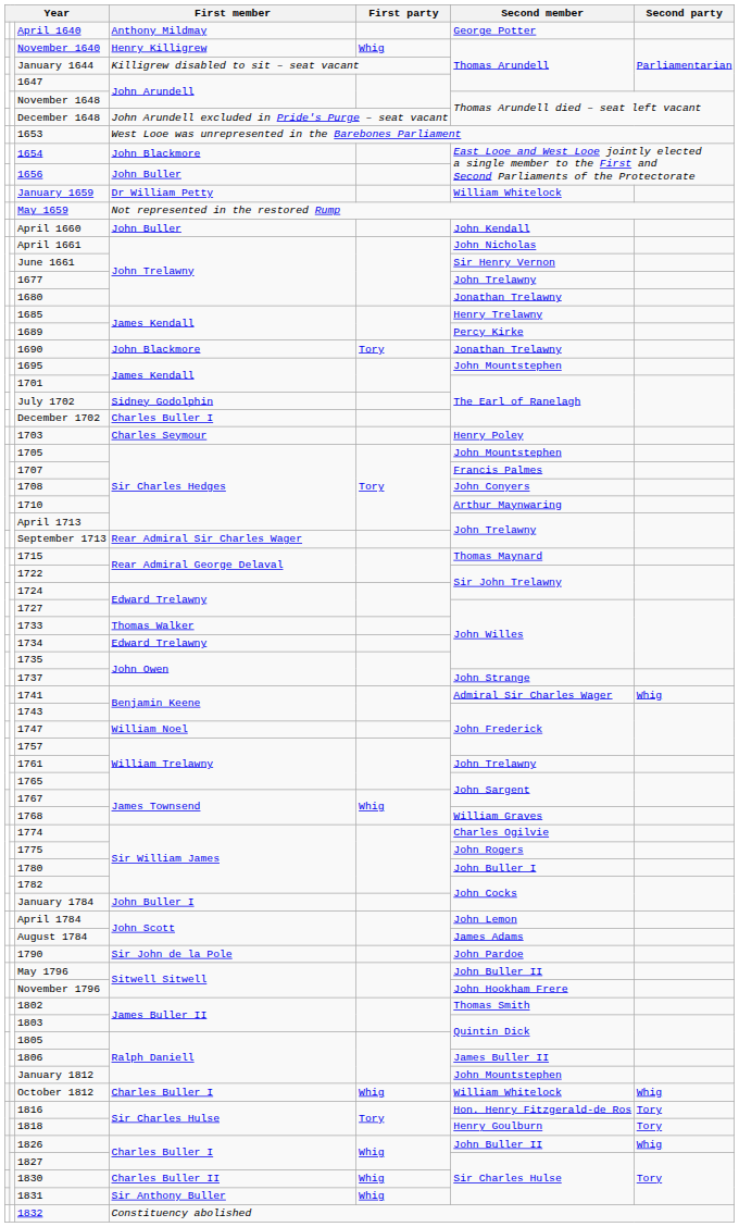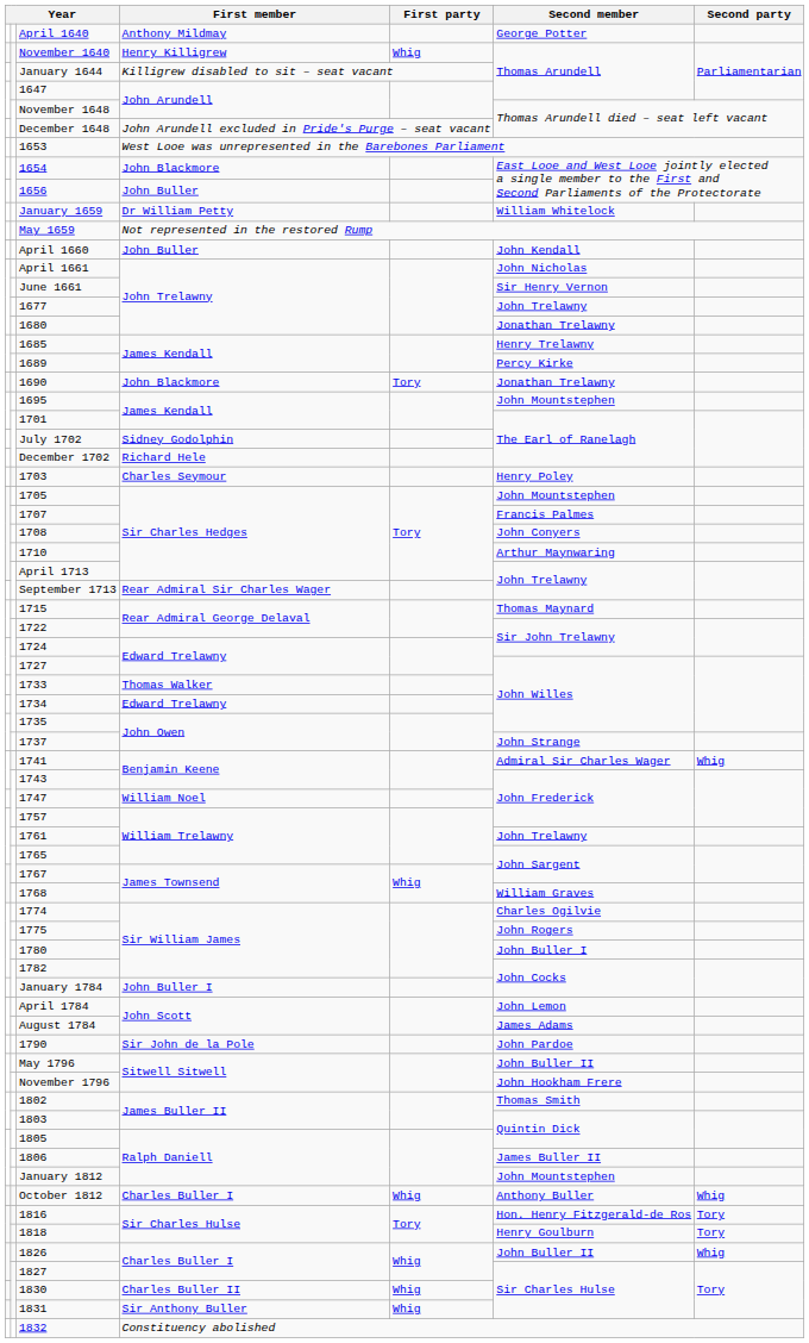 <table class="wikitable">
 <tr>
 <th colspan="3">Year</th>
 <th>First member</th>
 <th>First party</th>
 <th>Second member</th>
 <th>Second party</th>
 </tr>
 <tr>
 <td style="color:inherit;background-color: white"></td>
 <td style="color:inherit;background-color: white"></td>
 <td><a href='#'>April 1640</a></td>
 <td><a href='#'>Anthony Mildmay</a></td>
 <td></td>
 <td><a href='#'>George Potter</a></td>
 <td></td>
 </tr>
 <tr>
 <td style="color:inherit;background-color: "></td>
 <td rowspan="3" style="color:inherit;background-color: "></td>
 <td><a href='#'>November 1640</a></td>
 <td><a href='#'>Henry Killigrew</a></td>
 <td><a href='#'>Whig</a></td>
 <td rowspan="3"><a href='#'>Thomas Arundell</a></td>
 <td rowspan="3"><a href='#'>Parliamentarian</a></td>
 </tr>
 <tr>
 <td style="color:inherit;background-color: white"></td>
 <td>January 1644</td>
 <td colspan="2"><em>Killigrew disabled to sit – seat vacant</em></td>
 </tr>
 <tr>
 <td rowspan="2" style="color:inherit;background-color: white"></td>
 <td>1647</td>
 <td rowspan="2"><a href='#'>John Arundell</a></td>
 <td rowspan="2"></td>
 </tr>
 <tr>
 <td rowspan="2" style="color:inherit;background-color: white"></td>
 <td>November 1648</td>
 <td rowspan="2" colspan="2"><em>Thomas Arundell died – seat left vacant</em></td>
 </tr>
 <tr>
 <td style="color:inherit;background-color: white"></td>
 <td>December 1648</td>
 <td colspan="2"><em>John Arundell excluded in <a href='#'>Pride's Purge</a> – seat vacant</em></td>
 </tr>
 <tr>
 <td style="color:inherit;background-color: white"></td>
 <td style="color:inherit;background-color: white"></td>
 <td>1653</td>
 <td colspan="4"><em>West Looe was unrepresented in the <a href='#'>Barebones Parliament</a></em></td>
 </tr>
 <tr>
 <td style="color:inherit;background-color: white"></td>
 <td rowspan="2" style="color:inherit;background-color: white"></td>
 <td><a href='#'>1654</a></td>
 <td><a href='#'>John Blackmore</a></td>
 <td></td>
 <td rowspan="2" colspan="2"><em><a href='#'>East Looe and West Looe</a> jointly elected <br>a single member to the <a href='#'>First</a>  and <br><a href='#'>Second</a> Parliaments of the Protectorate</em></td>
 </tr>
 <tr>
 <td style="color:inherit;background-color: white"></td>
 <td><a href='#'>1656</a></td>
 <td><a href='#'>John Buller</a></td>
 <td></td>
 </tr>
 <tr>
 <td style="color:inherit;background-color: white"></td>
 <td style="color:inherit;background-color: white"></td>
 <td><a href='#'>January 1659</a></td>
 <td><a href='#'>Dr William Petty</a></td>
 <td></td>
 <td><a href='#'>William Whitelock</a></td>
 <td></td>
 </tr>
 <tr>
 <td style="color:inherit;background-color: white"></td>
 <td style="color:inherit;background-color: white"></td>
 <td><a href='#'>May 1659</a></td>
 <td colspan="4"><em>Not represented in the restored <a href='#'>Rump</a></em></td>
 </tr>
 <tr>
 <td style="color:inherit;background-color: white"></td>
 <td style="color:inherit;background-color: white"></td>
 <td>April 1660</td>
 <td><a href='#'>John Buller</a></td>
 <td></td>
 <td><a href='#'>John Kendall</a></td>
 <td></td>
 </tr>
 <tr>
 <td rowspan="4" style="color:inherit;background-color: white"></td>
 <td style="color:inherit;background-color: white"></td>
 <td>April 1661</td>
 <td rowspan="4"><a href='#'>John Trelawny</a></td>
 <td rowspan="4"></td>
 <td><a href='#'>John Nicholas</a></td>
 <td></td>
 </tr>
 <tr>
 <td style="color:inherit;background-color: white"></td>
 <td>June 1661</td>
 <td><a href='#'>Sir Henry Vernon</a></td>
 <td></td>
 </tr>
 <tr>
 <td style="color:inherit;background-color: white"></td>
 <td>1677</td>
 <td><a href='#'>John Trelawny</a></td>
 <td></td>
 </tr>
 <tr>
 <td style="color:inherit;background-color: white"></td>
 <td>1680</td>
 <td><a href='#'>Jonathan Trelawny</a></td>
 <td></td>
 </tr>
 <tr>
 <td rowspan="2" style="color:inherit;background-color: white"></td>
 <td style="color:inherit;background-color: white"></td>
 <td>1685</td>
 <td rowspan="2"><a href='#'>James Kendall</a></td>
 <td rowspan="2"></td>
 <td><a href='#'>Henry Trelawny</a></td>
 <td></td>
 </tr>
 <tr>
 <td style="color:inherit;background-color: white"></td>
 <td>1689</td>
 <td><a href='#'>Percy Kirke</a></td>
 <td></td>
 </tr>
 <tr>
 <td style="color:inherit;background-color: "></td>
 <td style="color:inherit;background-color: white"></td>
 <td>1690</td>
 <td><a href='#'>John Blackmore</a></td>
 <td><a href='#'>Tory</a></td>
 <td><a href='#'>Jonathan Trelawny</a></td>
 <td></td>
 </tr>
 <tr>
 <td rowspan="2" style="color:inherit;background-color: white"></td>
 <td style="color:inherit;background-color: white"></td>
 <td>1695</td>
 <td rowspan="2"><a href='#'>James Kendall</a></td>
 <td rowspan="2"></td>
 <td><a href='#'>John Mountstephen</a></td>
 <td></td>
 </tr>
 <tr>
 <td rowspan="3" style="color:inherit;background-color: white"></td>
 <td>1701</td>
 <td rowspan="3"><a href='#'>The Earl of Ranelagh</a></td>
 <td rowspan="3"></td>
 </tr>
 <tr>
 <td style="color:inherit;background-color: white"></td>
 <td>July 1702</td>
 <td><a href='#'>Sidney Godolphin</a></td>
 <td></td>
 </tr>
 <tr>
 <td style="color:inherit;background-color: white"></td>
 <td>December 1702</td>
-<td><a href='#'>Charles Buller I</a></td>
+<td><a href='#'>Richard Hele</a></td>
 <td></td>
 </tr>
 <tr>
 <td style="color:inherit;background-color: white"></td>
 <td style="color:inherit;background-color: "></td>
 <td>1703</td>
 <td><a href='#'>Charles Seymour</a></td>
 <td></td>
 <td><a href='#'>Henry Poley</a></td>
 <td></td>
 </tr>
 <tr>
 <td rowspan="5" style="color:inherit;background-color: "></td>
 <td style="color:inherit;background-color: white"></td>
 <td>1705</td>
 <td rowspan="5"><a href='#'>Sir Charles Hedges</a></td>
 <td rowspan="5"><a href='#'>Tory</a></td>
 <td><a href='#'>John Mountstephen</a></td>
 <td></td>
 </tr>
 <tr>
 <td style="color:inherit;background-color: white"></td>
 <td>1707</td>
 <td><a href='#'>Francis Palmes</a></td>
 <td></td>
 </tr>
 <tr>
 <td style="color:inherit;background-color: white"></td>
 <td>1708</td>
 <td><a href='#'>John Conyers</a></td>
 <td></td>
 </tr>
 <tr>
 <td style="color:inherit;background-color: white"></td>
 <td>1710</td>
 <td><a href='#'>Arthur Maynwaring</a></td>
 <td></td>
 </tr>
 <tr>
 <td rowspan="2" style="color:inherit;background-color: white"></td>
 <td>April 1713</td>
 <td rowspan="2"><a href='#'>John Trelawny</a></td>
 <td rowspan="2"></td>
 </tr>
 <tr>
 <td style="color:inherit;background-color: white"></td>
 <td>September 1713</td>
 <td><a href='#'>Rear Admiral Sir Charles Wager</a></td>
 <td></td>
 </tr>
 <tr>
 <td rowspan="2" style="color:inherit;background-color: white"></td>
 <td style="color:inherit;background-color: white"></td>
 <td>1715</td>
 <td rowspan="2"><a href='#'>Rear Admiral George Delaval</a></td>
 <td rowspan="2"></td>
 <td><a href='#'>Thomas Maynard</a></td>
 <td></td>
 </tr>
 <tr>
 <td rowspan="2" style="color:inherit;background-color: white"></td>
 <td>1722</td>
 <td rowspan="2"><a href='#'>Sir John Trelawny</a></td>
 <td rowspan="2"></td>
 </tr>
 <tr>
 <td rowspan="2" style="color:inherit;background-color: white"></td>
 <td>1724</td>
 <td rowspan="2"><a href='#'>Edward Trelawny</a></td>
 <td rowspan="2"></td>
 </tr>
 <tr>
 <td rowspan="4" style="color:inherit;background-color: white"></td>
 <td>1727</td>
 <td rowspan="4"><a href='#'>John Willes</a></td>
 <td rowspan="4"></td>
 </tr>
 <tr>
 <td style="color:inherit;background-color: white"></td>
 <td>1733</td>
 <td><a href='#'>Thomas Walker</a></td>
 <td></td>
 </tr>
 <tr>
 <td style="color:inherit;background-color: white"></td>
 <td>1734</td>
 <td><a href='#'>Edward Trelawny</a></td>
 <td></td>
 </tr>
 <tr>
 <td rowspan="2" style="color:inherit;background-color: white"></td>
 <td>1735</td>
 <td rowspan="2"><a href='#'>John Owen</a></td>
 <td rowspan="2"></td>
 </tr>
 <tr>
 <td style="color:inherit;background-color: white"></td>
 <td>1737</td>
 <td><a href='#'>John Strange</a></td>
 <td></td>
 </tr>
 <tr>
 <td rowspan="2" style="color:inherit;background-color: white"></td>
 <td style="color:inherit;background-color: "></td>
 <td>1741</td>
 <td rowspan="2"><a href='#'>Benjamin Keene</a></td>
 <td rowspan="2"></td>
 <td><a href='#'>Admiral Sir Charles Wager</a></td>
 <td><a href='#'>Whig</a></td>
 </tr>
 <tr>
 <td rowspan="3" style="color:inherit;background-color: white"></td>
 <td>1743</td>
 <td rowspan="3"><a href='#'>John Frederick</a></td>
 <td rowspan="3"></td>
 </tr>
 <tr>
 <td style="color:inherit;background-color: white"></td>
 <td>1747</td>
 <td><a href='#'>William Noel</a></td>
 <td></td>
 </tr>
 <tr>
 <td rowspan="3" style="color:inherit;background-color: white"></td>
 <td>1757</td>
 <td rowspan="3"><a href='#'>William Trelawny</a></td>
 <td rowspan="3"></td>
 </tr>
 <tr>
 <td style="color:inherit;background-color: white"></td>
 <td>1761</td>
 <td><a href='#'>John Trelawny</a></td>
 <td></td>
 </tr>
 <tr>
 <td rowspan="2" style="color:inherit;background-color: white"></td>
 <td>1765</td>
 <td rowspan="2"><a href='#'>John Sargent</a></td>
 <td rowspan="2"></td>
 </tr>
 <tr>
 <td rowspan="2" style="color:inherit;background-color: "></td>
 <td>1767</td>
 <td rowspan="2"><a href='#'>James Townsend</a></td>
 <td rowspan="2"><a href='#'>Whig</a></td>
 </tr>
 <tr>
 <td style="color:inherit;background-color: white"></td>
 <td>1768</td>
 <td><a href='#'>William Graves</a></td>
 <td></td>
 </tr>
 <tr>
 <td rowspan="4" style="color:inherit;background-color: white"></td>
 <td style="color:inherit;background-color: white"></td>
 <td>1774</td>
 <td rowspan="4"><a href='#'>Sir William James</a></td>
 <td rowspan="4"></td>
 <td><a href='#'>Charles Ogilvie</a></td>
 <td></td>
 </tr>
 <tr>
 <td style="color:inherit;background-color: white"></td>
 <td>1775</td>
 <td><a href='#'>John Rogers</a></td>
 <td></td>
 </tr>
 <tr>
 <td style="color:inherit;background-color: white"></td>
 <td>1780</td>
 <td><a href='#'>John Buller I</a></td>
 <td></td>
 </tr>
 <tr>
 <td rowspan="2" style="color:inherit;background-color: white"></td>
 <td>1782</td>
 <td rowspan="2"><a href='#'>John Cocks</a></td>
 <td rowspan="2"></td>
 </tr>
 <tr>
 <td style="color:inherit;background-color: white"></td>
 <td>January 1784</td>
 <td><a href='#'>John Buller I</a></td>
 <td></td>
 </tr>
 <tr>
 <td rowspan="2" style="color:inherit;background-color: white"></td>
 <td style="color:inherit;background-color: white"></td>
 <td>April 1784</td>
 <td rowspan="2"><a href='#'>John Scott</a></td>
 <td rowspan="2"></td>
 <td><a href='#'>John Lemon</a></td>
 <td></td>
 </tr>
 <tr>
 <td style="color:inherit;background-color: white"></td>
 <td>August 1784</td>
 <td><a href='#'>James Adams</a></td>
 <td></td>
 </tr>
 <tr>
 <td style="color:inherit;background-color: white"></td>
 <td style="color:inherit;background-color: white"></td>
 <td>1790</td>
 <td><a href='#'>Sir John de la Pole</a></td>
 <td></td>
 <td><a href='#'>John Pardoe</a></td>
 <td></td>
 </tr>
 <tr>
 <td rowspan="2" style="color:inherit;background-color: white"></td>
 <td style="color:inherit;background-color: white"></td>
 <td>May 1796</td>
 <td rowspan="2"><a href='#'>Sitwell Sitwell</a></td>
 <td rowspan="2"></td>
 <td><a href='#'>John Buller II</a></td>
 <td></td>
 </tr>
 <tr>
 <td style="color:inherit;background-color: white"></td>
 <td>November 1796</td>
 <td><a href='#'>John Hookham Frere</a></td>
 <td></td>
 </tr>
 <tr>
 <td rowspan="2" style="color:inherit;background-color: white"></td>
 <td style="color:inherit;background-color: white"></td>
 <td>1802</td>
 <td rowspan="2"><a href='#'>James Buller II</a></td>
 <td rowspan="2"></td>
 <td><a href='#'>Thomas Smith</a></td>
 <td></td>
 </tr>
 <tr>
 <td rowspan="2" style="color:inherit;background-color: white"></td>
 <td>1803</td>
 <td rowspan="2"><a href='#'>Quintin Dick</a></td>
 <td rowspan="2"></td>
 </tr>
 <tr>
 <td rowspan="3" style="color:inherit;background-color: white"></td>
 <td>1805</td>
 <td rowspan="3"><a href='#'>Ralph Daniell</a></td>
 <td rowspan="3"></td>
 </tr>
 <tr>
 <td style="color:inherit;background-color: white"></td>
 <td>1806</td>
 <td><a href='#'>James Buller II</a></td>
 <td></td>
 </tr>
 <tr>
 <td style="color:inherit;background-color: white"></td>
 <td>January 1812</td>
 <td><a href='#'>John Mountstephen</a></td>
 <td></td>
 </tr>
 <tr>
 <td style="color:inherit;background-color: "></td>
 <td style="color:inherit;background-color: "></td>
 <td>October 1812</td>
 <td><a href='#'>Charles Buller I</a></td>
 <td><a href='#'>Whig</a></td>
-<td><a href='#'>William Whitelock</a></td>
+<td><a href='#'>Anthony Buller</a></td>
 <td><a href='#'>Whig</a></td>
 </tr>
 <tr>
 <td rowspan="2" style="color:inherit;background-color: "></td>
 <td style="color:inherit;background-color: "></td>
 <td>1816</td>
 <td rowspan="2"><a href='#'>Sir Charles Hulse</a></td>
 <td rowspan="2"><a href='#'>Tory</a></td>
 <td><a href='#'>Hon. Henry Fitzgerald-de Ros</a></td>
 <td><a href='#'>Tory</a></td>
 </tr>
 <tr>
 <td style="color:inherit;background-color: "></td>
 <td>1818</td>
 <td><a href='#'>Henry Goulburn</a></td>
 <td><a href='#'>Tory</a></td>
 </tr>
 <tr>
 <td rowspan="2" style="color:inherit;background-color: "></td>
 <td style="color:inherit;background-color: "></td>
 <td>1826</td>
 <td rowspan="2"><a href='#'>Charles Buller I</a></td>
 <td rowspan="2"><a href='#'>Whig</a></td>
 <td><a href='#'>John Buller II</a></td>
 <td><a href='#'>Whig</a></td>
 </tr>
 <tr>
 <td rowspan="3" style="color:inherit;background-color: "></td>
 <td>1827</td>
 <td rowspan="3"><a href='#'>Sir Charles Hulse</a></td>
 <td rowspan="3"><a href='#'>Tory</a></td>
 </tr>
 <tr>
 <td style="color:inherit;background-color: "></td>
 <td>1830</td>
 <td><a href='#'>Charles Buller II</a></td>
 <td><a href='#'>Whig</a></td>
 </tr>
 <tr>
 <td style="color:inherit;background-color: "></td>
 <td>1831</td>
 <td><a href='#'>Sir Anthony Buller</a></td>
 <td><a href='#'>Whig</a></td>
 </tr>
 <tr>
 <td style="color:inherit;background-color: white"></td>
 <td style="color:inherit;background-color: white"></td>
 <td><a href='#'>1832</a></td>
 <td colspan="5"><em>Constituency abolished</em></td>
 </tr>
 </table>
